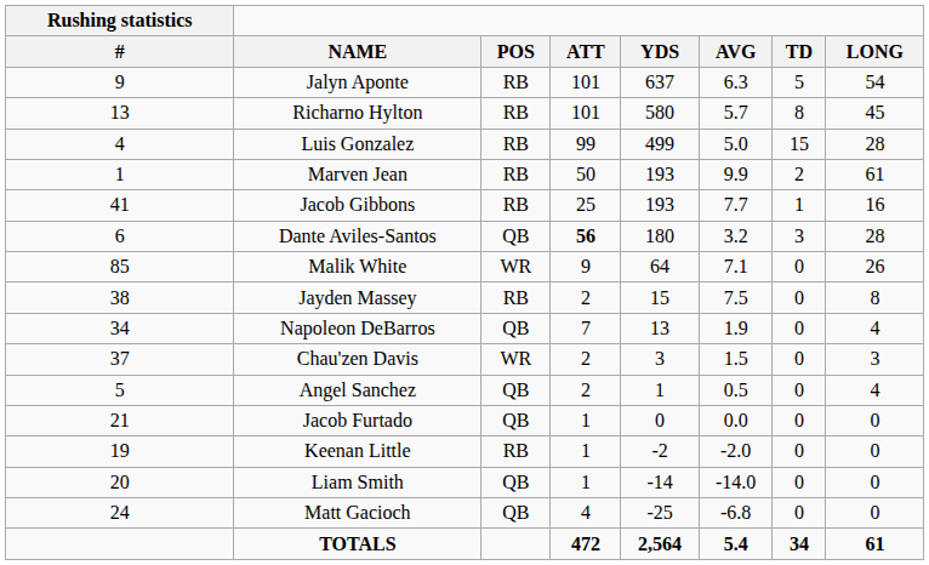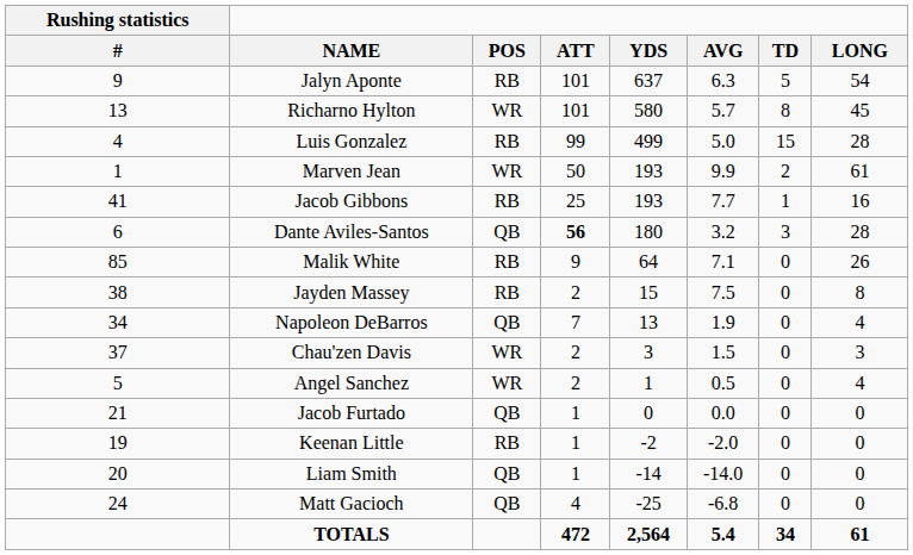 <table style="width:60%; text-align:center;" class="wikitable collapsible collapsed">
 <tr>
 <th style="text-align:center; ">Rushing statistics</th>
 </tr>
 <tr>
 <th>#</th>
 <th>NAME</th>
 <th>POS</th>
 <th>ATT</th>
 <th>YDS</th>
 <th>AVG</th>
 <th>TD</th>
 <th>LONG</th>
 </tr>
 <tr>
 <td>9</td>
 <td>Jalyn Aponte</td>
 <td>RB</td>
 <td>101</td>
 <td>637</td>
 <td>6.3</td>
 <td>5</td>
 <td>54</td>
 </tr>
 <tr>
 <td>13</td>
 <td>Richarno Hylton</td>
-<td>RB</td>
+<td>WR</td>
 <td>101</td>
 <td>580</td>
 <td>5.7</td>
 <td>8</td>
 <td>45</td>
 </tr>
 <tr>
 <td>4</td>
 <td>Luis Gonzalez</td>
 <td>RB</td>
 <td>99</td>
 <td>499</td>
 <td>5.0</td>
 <td>15</td>
 <td>28</td>
 </tr>
 <tr>
 <td>1</td>
 <td>Marven Jean</td>
-<td>RB</td>
+<td>WR</td>
 <td>50</td>
 <td>193</td>
 <td>9.9</td>
 <td>2</td>
 <td>61</td>
 </tr>
 <tr>
 <td>41</td>
 <td>Jacob Gibbons</td>
 <td>RB</td>
 <td>25</td>
 <td>193</td>
 <td>7.7</td>
 <td>1</td>
 <td>16</td>
 </tr>
 <tr>
 <td>6</td>
 <td>Dante Aviles-Santos</td>
 <td>QB</td>
 <td><strong>56</strong></td>
 <td>180</td>
 <td>3.2</td>
 <td>3</td>
 <td>28</td>
 </tr>
 <tr>
 <td>85</td>
 <td>Malik White</td>
-<td>WR</td>
+<td>RB</td>
 <td>9</td>
 <td>64</td>
 <td>7.1</td>
 <td>0</td>
 <td>26</td>
 </tr>
 <tr>
 <td>38</td>
 <td>Jayden Massey</td>
 <td>RB</td>
 <td>2</td>
 <td>15</td>
 <td>7.5</td>
 <td>0</td>
 <td>8</td>
 </tr>
 <tr>
 <td>34</td>
 <td>Napoleon DeBarros</td>
 <td>QB</td>
 <td>7</td>
 <td>13</td>
 <td>1.9</td>
 <td>0</td>
 <td>4</td>
 </tr>
 <tr>
 <td>37</td>
 <td>Chau'zen Davis</td>
 <td>WR</td>
 <td>2</td>
 <td>3</td>
 <td>1.5</td>
 <td>0</td>
 <td>3</td>
 </tr>
 <tr>
 <td>5</td>
 <td>Angel Sanchez</td>
-<td>QB</td>
+<td>WR</td>
 <td>2</td>
 <td>1</td>
 <td>0.5</td>
 <td>0</td>
 <td>4</td>
 </tr>
 <tr>
 <td>21</td>
 <td>Jacob Furtado</td>
 <td>QB</td>
 <td>1</td>
 <td>0</td>
 <td>0.0</td>
 <td>0</td>
 <td>0</td>
 </tr>
 <tr>
 <td>19</td>
 <td>Keenan Little</td>
 <td>RB</td>
 <td>1</td>
 <td>-2</td>
 <td>-2.0</td>
 <td>0</td>
 <td>0</td>
 </tr>
 <tr>
 <td>20</td>
 <td>Liam Smith</td>
 <td>QB</td>
 <td>1</td>
 <td>-14</td>
 <td>-14.0</td>
 <td>0</td>
 <td>0</td>
 </tr>
 <tr>
 <td>24</td>
 <td>Matt Gacioch</td>
 <td>QB</td>
 <td>4</td>
 <td>-25</td>
 <td>-6.8</td>
 <td>0</td>
 <td>0</td>
 </tr>
 <tr>
 <td></td>
 <td><strong>TOTALS</strong></td>
 <td></td>
 <td><strong>472</strong></td>
 <td><strong>2,564</strong></td>
 <td><strong>5.4</strong></td>
 <td><strong>34</strong></td>
 <td><strong>61</strong></td>
 </tr>
 </table>
